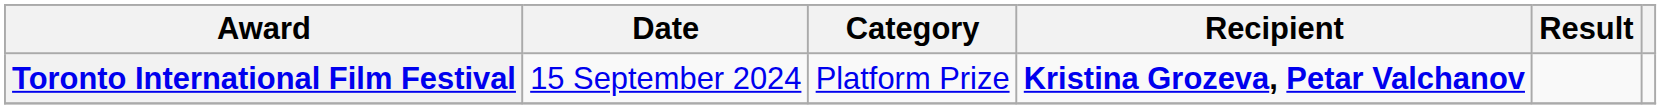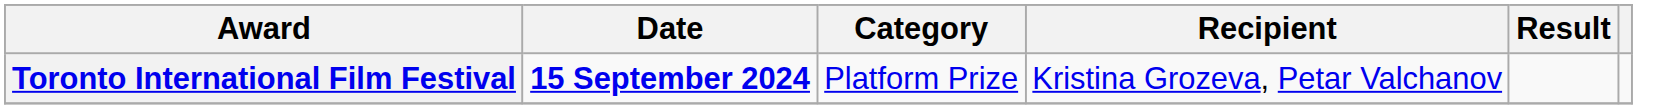 <table class="wikitable sortable plainrowheaders">
 <tr>
 <th>Award</th>
 <th>Date</th>
 <th>Category</th>
 <th>Recipient</th>
 <th>Result</th>
 <th></th>
 </tr>
 <tr>
 <th scope="row"><a href='#'>Toronto International Film Festival</a></th>
-<td><a href='#'>15 September 2024</a></td>
+<td><strong><a href='#'>15 September 2024</a></strong></td>
 <td><a href='#'>Platform Prize</a></td>
-<td><strong><a href='#'>Kristina Grozeva</a>, <a href='#'>Petar Valchanov</a></strong></td>
+<td><a href='#'>Kristina Grozeva</a>, <a href='#'>Petar Valchanov</a></td>
 <td></td>
 <td align="center"></td>
 </tr>
 <tr>
 </tr>
 </table>
